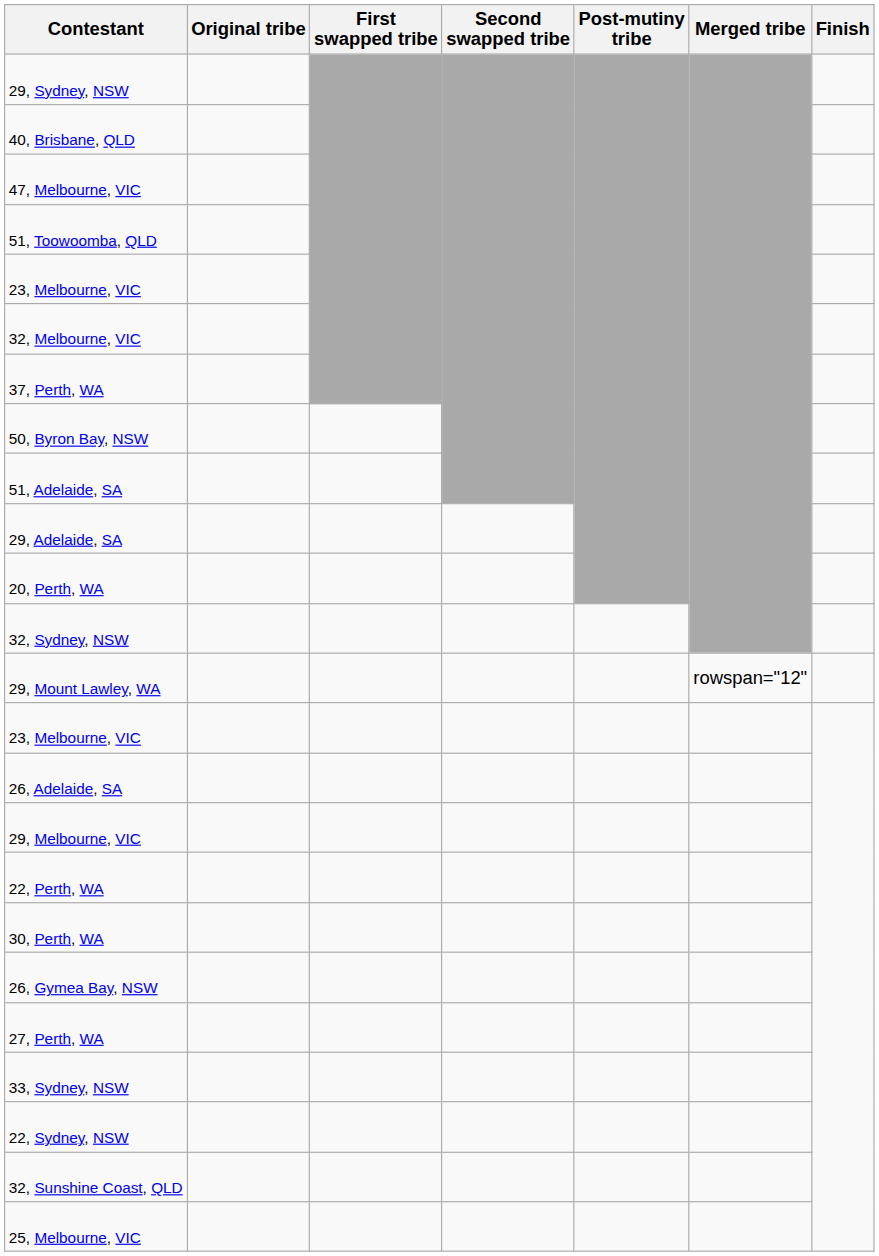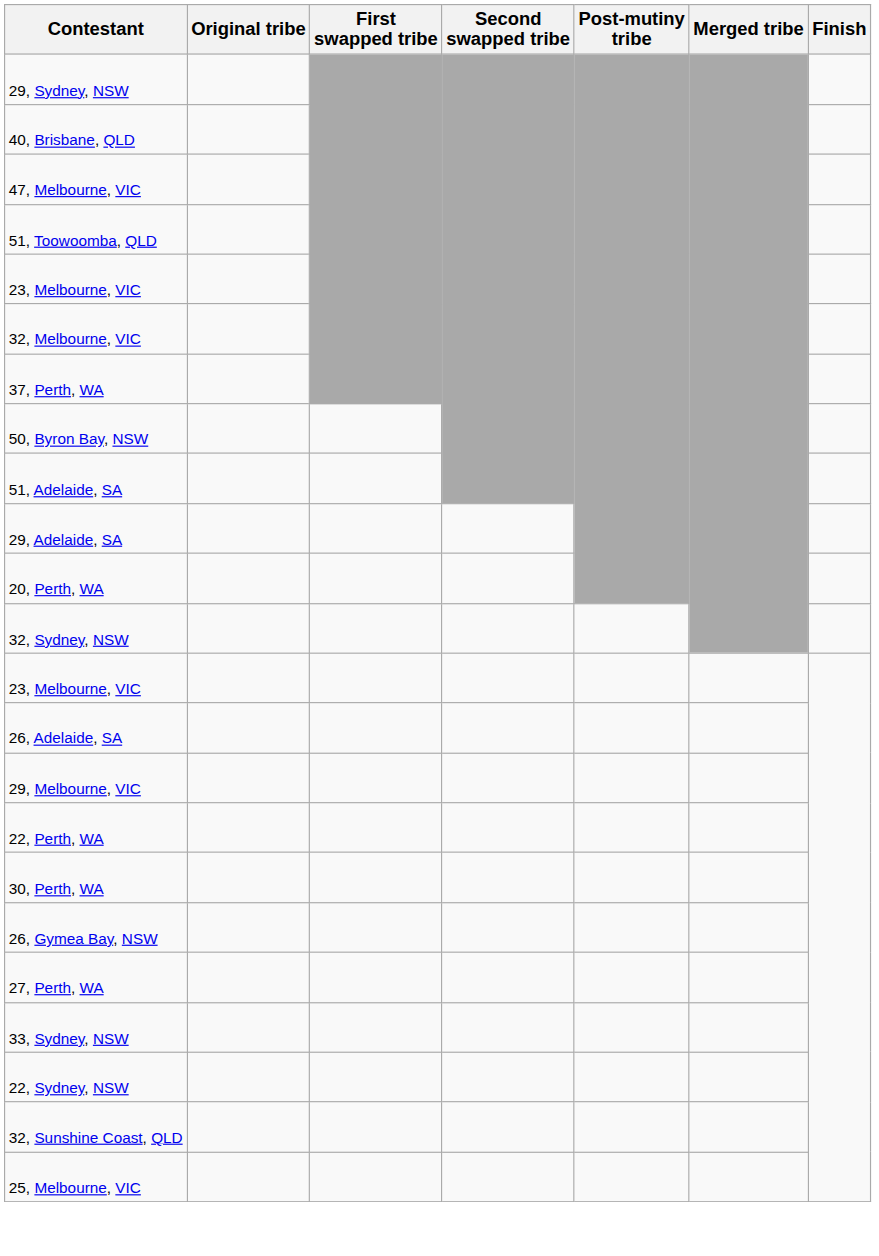 <table class="wikitable sortable" style="text-align:center;">
 <tr>
 <th>Contestant</th>
 <th>Original tribe</th>
 <th>First<br>swapped tribe</th>
 <th>Second<br>swapped tribe</th>
 <th>Post-mutiny<br>tribe</th>
 <th>Merged tribe</th>
 <th>Finish</th>
 </tr>
 <tr>
 <td align="left"><strong></strong><br><small>29, <a href='#'>Sydney</a>, <a href='#'>NSW</a></small></td>
 <td></td>
 <td style="background:darkgrey;" rowspan="7"></td>
 <td style="background:darkgrey;" rowspan="9"></td>
 <td style="background:darkgrey;" rowspan="11"></td>
 <td style="background:darkgrey;" rowspan="12"></td>
 <td></td>
 </tr>
 <tr>
 <td align="left"><strong></strong><br><small>40, <a href='#'>Brisbane</a>, <a href='#'>QLD</a></small></td>
 <td></td>
 <td></td>
 </tr>
 <tr>
 <td align="left"><strong></strong><br><small>47, <a href='#'>Melbourne</a>, <a href='#'>VIC</a></small></td>
 <td></td>
 <td></td>
 </tr>
 <tr>
 <td align="left"><strong></strong><br><small>51, <a href='#'>Toowoomba</a>, <a href='#'>QLD</a></small></td>
 <td></td>
 <td></td>
 </tr>
 <tr>
 <td align="left"><strong></strong><br><small>23, <a href='#'>Melbourne</a>, <a href='#'>VIC</a></small></td>
 <td></td>
 <td></td>
 </tr>
 <tr>
 <td align="left"><strong></strong><br><small>32,  <a href='#'>Melbourne</a>, <a href='#'>VIC</a></small></td>
 <td></td>
 <td></td>
 </tr>
 <tr>
 <td align="left"><strong></strong><br><small>37, <a href='#'>Perth</a>, <a href='#'>WA</a></small></td>
 <td></td>
 <td></td>
 </tr>
 <tr>
 <td align="left"><strong></strong><br><small>50, <a href='#'>Byron Bay</a>, <a href='#'>NSW</a></small></td>
 <td></td>
 <td></td>
 <td></td>
 </tr>
 <tr>
 <td align="left"><strong></strong><br><small>51, <a href='#'>Adelaide</a>, <a href='#'>SA</a></small></td>
 <td></td>
 <td></td>
 <td></td>
 </tr>
 <tr>
 <td align="left"><strong></strong><br><small>29, <a href='#'>Adelaide</a>, <a href='#'>SA</a></small></td>
 <td></td>
 <td></td>
 <td></td>
 <td></td>
 </tr>
 <tr>
 <td align="left"><strong></strong><br><small>20, <a href='#'>Perth</a>, <a href='#'>WA</a></small></td>
 <td></td>
 <td></td>
 <td></td>
 <td></td>
 </tr>
 <tr>
 <td align="left"><strong></strong><br><small>32, <a href='#'>Sydney</a>, <a href='#'>NSW</a></small></td>
 <td></td>
 <td></td>
 <td></td>
 <td></td>
-<td></td>
-</tr>
-<tr>
-<td align="left"><strong></strong><br><small>29, <a href='#'>Mount Lawley</a>, <a href='#'>WA</a></small></td>
-<td></td>
-<td></td>
-<td></td>
-<td></td>
-<td>rowspan="12" </td>
 <td></td>
 </tr>
 <tr>
 <td align="left"><strong></strong><br><small>23, <a href='#'>Melbourne</a>, <a href='#'>VIC</a></small></td>
 <td></td>
 <td></td>
 <td></td>
 <td></td>
 <td></td>
 </tr>
 <tr>
 <td align="left"><strong></strong><br><small>26, <a href='#'>Adelaide</a>, <a href='#'>SA</a></small></td>
 <td></td>
 <td></td>
 <td></td>
 <td></td>
 <td></td>
 </tr>
 <tr>
 <td align="left"><strong></strong><br><small>29, <a href='#'>Melbourne</a>, <a href='#'>VIC</a></small></td>
 <td></td>
 <td></td>
 <td></td>
 <td></td>
 <td></td>
 </tr>
 <tr>
 <td align="left"><strong></strong><br><small>22, <a href='#'>Perth</a>, <a href='#'>WA</a></small></td>
 <td></td>
 <td></td>
 <td></td>
 <td></td>
 <td></td>
 </tr>
 <tr>
 <td align="left"><strong></strong><br><small>30, <a href='#'>Perth</a>, <a href='#'>WA</a></small></td>
 <td></td>
 <td></td>
 <td></td>
 <td></td>
 <td></td>
 </tr>
 <tr>
 <td align="left"><strong></strong><br><small>26, <a href='#'>Gymea Bay</a>, <a href='#'>NSW</a></small></td>
 <td></td>
 <td></td>
 <td></td>
 <td></td>
 <td></td>
 </tr>
 <tr>
 <td align="left"><strong></strong><br><small>27, <a href='#'>Perth</a>, <a href='#'>WA</a></small></td>
 <td></td>
 <td></td>
 <td></td>
 <td></td>
 <td></td>
 </tr>
 <tr>
 <td align="left"><strong></strong><br><small>33, <a href='#'>Sydney</a>, <a href='#'>NSW</a></small></td>
 <td></td>
 <td></td>
 <td></td>
 <td></td>
 <td></td>
 </tr>
 <tr>
 <td align="left"><strong></strong><br><small>22, <a href='#'>Sydney</a>, <a href='#'>NSW</a></small></td>
 <td></td>
 <td></td>
 <td></td>
 <td></td>
 <td></td>
 </tr>
 <tr>
 <td align="left"><strong></strong><br><small>32, <a href='#'>Sunshine Coast</a>, <a href='#'>QLD</a></small></td>
 <td></td>
 <td></td>
 <td></td>
 <td></td>
 <td></td>
 </tr>
 <tr>
 <td align="left"><strong></strong><br><small>25, <a href='#'>Melbourne</a>, <a href='#'>VIC</a></small></td>
 <td></td>
 <td></td>
 <td></td>
 <td></td>
 <td></td>
 </tr>
 </table>
